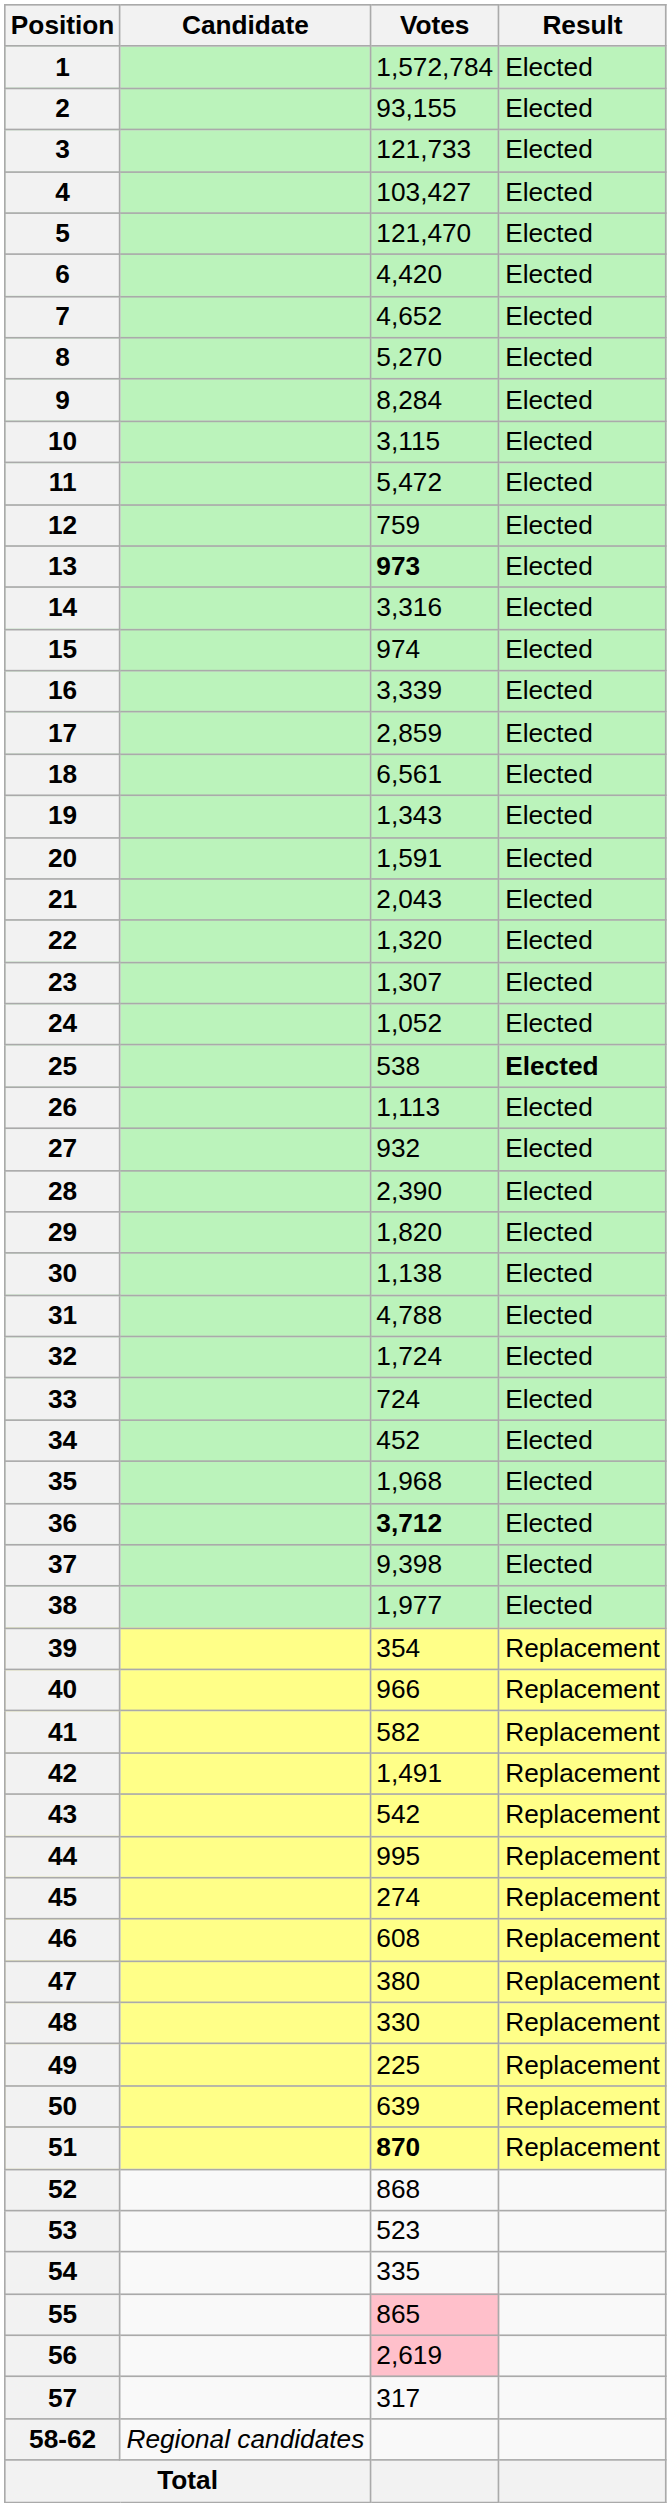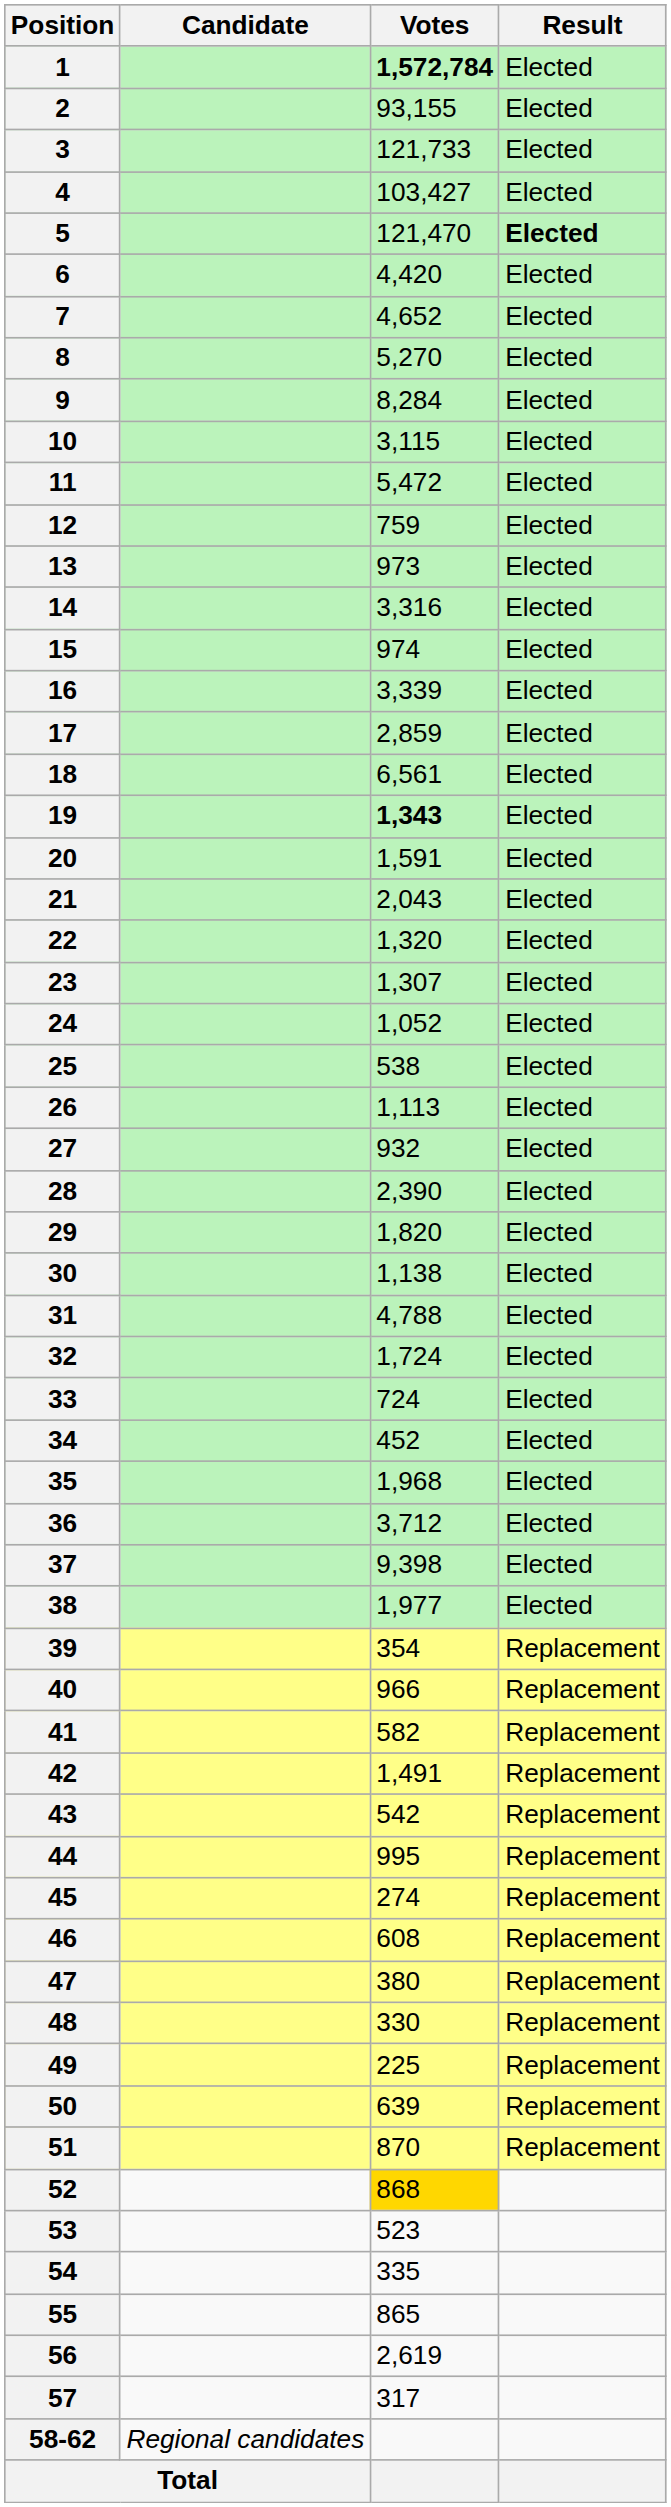 <table class="wikitable sortable col3right">
 <tr>
 <th scope="col">Position</th>
 <th scope="col">Candidate</th>
 <th scope="col">Votes</th>
 <th scope="col">Result</th>
 </tr>
 <tr bgcolor=bbf3bb>
 <th scope="row">1</th>
 <td></td>
-<td>1,572,784</td>
+<td><strong>1,572,784</strong></td>
 <td>Elected</td>
 </tr>
 <tr bgcolor=bbf3bb>
 <th scope="row">2</th>
 <td></td>
 <td>93,155</td>
 <td>Elected</td>
 </tr>
 <tr bgcolor=bbf3bb>
 <th scope="row">3</th>
 <td></td>
 <td>121,733</td>
 <td>Elected</td>
 </tr>
 <tr bgcolor=bbf3bb>
 <th scope="row">4</th>
 <td></td>
 <td>103,427</td>
 <td>Elected</td>
 </tr>
 <tr bgcolor=bbf3bb>
 <th scope="row">5</th>
 <td></td>
 <td>121,470</td>
-<td>Elected</td>
+<td><strong>Elected</strong></td>
 </tr>
 <tr bgcolor=bbf3bb>
 <th scope="row">6</th>
 <td></td>
 <td>4,420</td>
 <td>Elected</td>
 </tr>
 <tr bgcolor=bbf3bb>
 <th scope="row">7</th>
 <td></td>
 <td>4,652</td>
 <td>Elected</td>
 </tr>
 <tr bgcolor=bbf3bb>
 <th scope="row">8</th>
 <td></td>
 <td>5,270</td>
 <td>Elected</td>
 </tr>
 <tr bgcolor=bbf3bb>
 <th scope="row">9</th>
 <td></td>
 <td>8,284</td>
 <td>Elected</td>
 </tr>
 <tr bgcolor=bbf3bb>
 <th scope="row">10</th>
 <td></td>
 <td>3,115</td>
 <td>Elected</td>
 </tr>
 <tr bgcolor=bbf3bb>
 <th scope="row">11</th>
 <td></td>
 <td>5,472</td>
 <td>Elected</td>
 </tr>
 <tr bgcolor=bbf3bb>
 <th scope="row">12</th>
 <td></td>
 <td>759</td>
 <td>Elected</td>
 </tr>
 <tr bgcolor=bbf3bb>
 <th scope="row">13</th>
 <td></td>
-<td><strong>973</strong></td>
+<td>973</td>
 <td>Elected</td>
 </tr>
 <tr bgcolor=bbf3bb>
 <th scope="row">14</th>
 <td></td>
 <td>3,316</td>
 <td>Elected</td>
 </tr>
 <tr bgcolor=bbf3bb>
 <th scope="row">15</th>
 <td></td>
 <td>974</td>
 <td>Elected</td>
 </tr>
 <tr bgcolor=bbf3bb>
 <th scope="row">16</th>
 <td></td>
 <td>3,339</td>
 <td>Elected</td>
 </tr>
 <tr bgcolor=bbf3bb>
 <th scope="row">17</th>
 <td></td>
 <td>2,859</td>
 <td>Elected</td>
 </tr>
 <tr bgcolor=bbf3bb>
 <th scope="row">18</th>
 <td></td>
 <td>6,561</td>
 <td>Elected</td>
 </tr>
 <tr bgcolor=bbf3bb>
 <th scope="row">19</th>
 <td></td>
-<td>1,343</td>
+<td><strong>1,343</strong></td>
 <td>Elected</td>
 </tr>
 <tr bgcolor=bbf3bb>
 <th scope="row">20</th>
 <td></td>
 <td>1,591</td>
 <td>Elected</td>
 </tr>
 <tr bgcolor=bbf3bb>
 <th scope="row">21</th>
 <td></td>
 <td>2,043</td>
 <td>Elected</td>
 </tr>
 <tr bgcolor=bbf3bb>
 <th scope="row">22</th>
 <td></td>
 <td>1,320</td>
 <td>Elected</td>
 </tr>
 <tr bgcolor=bbf3bb>
 <th scope="row">23</th>
 <td></td>
 <td>1,307</td>
 <td>Elected</td>
 </tr>
 <tr bgcolor=bbf3bb>
 <th scope="row">24</th>
 <td></td>
 <td>1,052</td>
 <td>Elected</td>
 </tr>
 <tr bgcolor=bbf3bb>
 <th scope="row">25</th>
 <td></td>
 <td>538</td>
-<td><strong>Elected</strong></td>
+<td>Elected</td>
 </tr>
 <tr bgcolor=bbf3bb>
 <th scope="row">26</th>
 <td></td>
 <td>1,113</td>
 <td>Elected</td>
 </tr>
 <tr bgcolor=bbf3bb>
 <th scope="row">27</th>
 <td></td>
 <td>932</td>
 <td>Elected</td>
 </tr>
 <tr bgcolor=bbf3bb>
 <th scope="row">28</th>
 <td></td>
 <td>2,390</td>
 <td>Elected</td>
 </tr>
 <tr bgcolor=bbf3bb>
 <th scope="row">29</th>
 <td></td>
 <td>1,820</td>
 <td>Elected</td>
 </tr>
 <tr bgcolor=bbf3bb>
 <th scope="row">30</th>
 <td></td>
 <td>1,138</td>
 <td>Elected</td>
 </tr>
 <tr bgcolor=bbf3bb>
 <th scope="row">31</th>
 <td></td>
 <td>4,788</td>
 <td>Elected</td>
 </tr>
 <tr bgcolor=bbf3bb>
 <th scope="row">32</th>
 <td></td>
 <td>1,724</td>
 <td>Elected</td>
 </tr>
 <tr bgcolor=bbf3bb>
 <th scope="row">33</th>
 <td></td>
 <td>724</td>
 <td>Elected</td>
 </tr>
 <tr bgcolor=bbf3bb>
 <th scope="row">34</th>
 <td></td>
 <td>452</td>
 <td>Elected</td>
 </tr>
 <tr bgcolor=bbf3bb>
 <th scope="row">35</th>
 <td></td>
 <td>1,968</td>
 <td>Elected</td>
 </tr>
 <tr bgcolor=bbf3bb>
 <th scope="row">36</th>
 <td></td>
-<td><strong>3,712</strong></td>
+<td>3,712</td>
 <td>Elected</td>
 </tr>
 <tr bgcolor=bbf3bb>
 <th scope="row">37</th>
 <td></td>
 <td>9,398</td>
 <td>Elected</td>
 </tr>
 <tr bgcolor=bbf3bb>
 <th scope="row">38</th>
 <td></td>
 <td>1,977</td>
 <td>Elected</td>
 </tr>
 <tr bgcolor=#FF8>
 <th scope="row">39</th>
 <td></td>
 <td>354</td>
 <td>Replacement</td>
 </tr>
 <tr bgcolor=#FF8>
 <th scope="row">40</th>
 <td></td>
 <td>966</td>
 <td>Replacement</td>
 </tr>
 <tr bgcolor=#FF8>
 <th scope="row">41</th>
 <td></td>
 <td>582</td>
 <td>Replacement</td>
 </tr>
 <tr bgcolor=#FF8>
 <th scope="row">42</th>
 <td></td>
 <td>1,491</td>
 <td>Replacement</td>
 </tr>
 <tr bgcolor=#FF8>
 <th scope="row">43</th>
 <td></td>
 <td>542</td>
 <td>Replacement</td>
 </tr>
 <tr bgcolor=#FF8>
 <th scope="row">44</th>
 <td></td>
 <td>995</td>
 <td>Replacement</td>
 </tr>
 <tr bgcolor=#FF8>
 <th scope="row">45</th>
 <td></td>
 <td>274</td>
 <td>Replacement</td>
 </tr>
 <tr bgcolor=#FF8>
 <th scope="row">46</th>
 <td></td>
 <td>608</td>
 <td>Replacement</td>
 </tr>
 <tr bgcolor=#FF8>
 <th scope="row">47</th>
 <td></td>
 <td>380</td>
 <td>Replacement</td>
 </tr>
 <tr bgcolor=#FF8>
 <th scope="row">48</th>
 <td></td>
 <td>330</td>
 <td>Replacement</td>
 </tr>
 <tr bgcolor=#FF8>
 <th scope="row">49</th>
 <td></td>
 <td>225</td>
 <td>Replacement</td>
 </tr>
 <tr bgcolor=#FF8>
 <th scope="row">50</th>
 <td></td>
 <td>639</td>
 <td>Replacement</td>
 </tr>
 <tr bgcolor=#FF8>
 <th scope="row">51</th>
 <td></td>
-<td><strong>870</strong></td>
+<td>870</td>
 <td>Replacement</td>
 </tr>
 <tr>
 <th scope="row">52</th>
 <td></td>
-<td>868</td>
+<td style="background: gold;">868</td>
 <td></td>
 </tr>
 <tr>
 <th scope="row">53</th>
 <td></td>
 <td>523</td>
 <td></td>
 </tr>
 <tr>
 <th scope="row">54</th>
 <td></td>
 <td>335</td>
 <td></td>
 </tr>
 <tr>
 <th scope="row">55</th>
 <td></td>
-<td style="background: pink;">865</td>
+<td>865</td>
 <td></td>
 </tr>
 <tr>
 <th scope="row">56</th>
 <td></td>
-<td style="background: pink;">2,619</td>
+<td>2,619</td>
 <td></td>
 </tr>
 <tr>
 <th scope="row">57</th>
 <td></td>
 <td>317</td>
 <td></td>
 </tr>
 <tr>
 <th scope="row">58-62</th>
 <td><em>Regional candidates</em></td>
 <td></td>
 <td></td>
 </tr>
 <tr class="sortbottom">
 <th scope="row" colspan="2">Total</th>
 <th></th>
 <th></th>
 </tr>
 </table>
